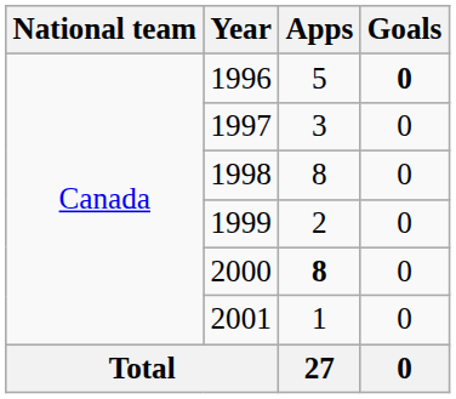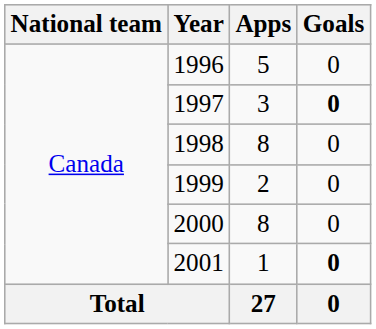 <table class=wikitable style=text-align:center>
 <tr>
 <th>National team</th>
 <th>Year</th>
 <th>Apps</th>
 <th>Goals</th>
 </tr>
 <tr>
 <td rowspan=6><a href='#'>Canada</a></td>
 <td>1996</td>
 <td>5</td>
-<td><strong>0</strong></td>
+<td>0</td>
 </tr>
 <tr>
 <td>1997</td>
 <td>3</td>
-<td>0</td>
+<td><strong>0</strong></td>
 </tr>
 <tr>
 <td>1998</td>
 <td>8</td>
 <td>0</td>
 </tr>
 <tr>
 <td>1999</td>
 <td>2</td>
 <td>0</td>
 </tr>
 <tr>
 <td>2000</td>
-<td><strong>8</strong></td>
+<td>8</td>
 <td>0</td>
 </tr>
 <tr>
 <td>2001</td>
 <td>1</td>
-<td>0</td>
+<td><strong>0</strong></td>
 </tr>
 <tr>
 <th colspan=2>Total</th>
 <th>27</th>
 <th>0</th>
 </tr>
 </table>
